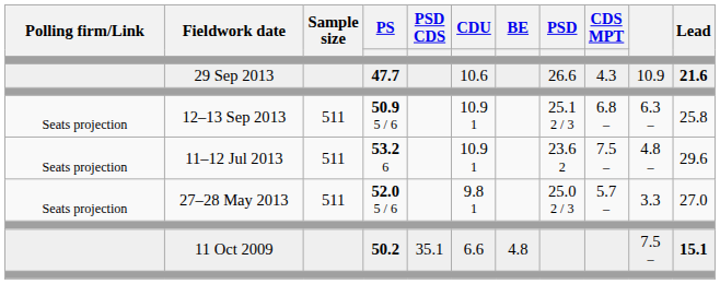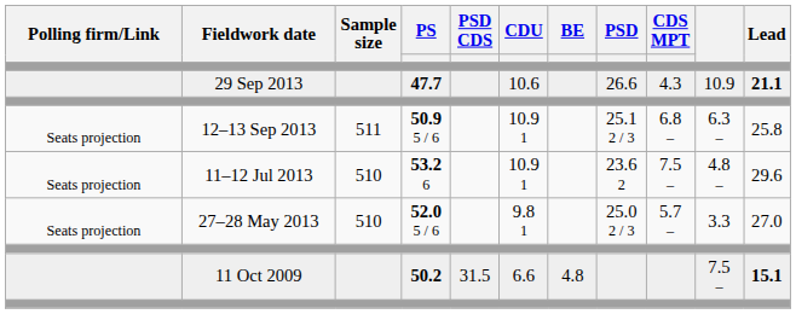 <table class="wikitable collapsible sortable" style="text-align:center; font-size:95%; line-height:16px;">
 <tr style="height:42px;">
 <th style="width:145px;" rowspan="2">Polling firm/Link</th>
 <th style="width:125px;" rowspan="2">Fieldwork date</th>
 <th class="unsortable" style="width:50px;" rowspan="2">Sample size</th>
 <th class="unsortable" style="width:35px;"><a href='#'>PS</a></th>
 <th class="unsortable" style="width:35px;"><a href='#'>PSD</a><br><a href='#'>CDS</a></th>
 <th class="unsortable" style="width:35px;"><a href='#'>CDU</a></th>
 <th class="unsortable" style="width:35px;"><a href='#'>BE</a></th>
 <th class="unsortable" style="width:35px;"><a href='#'>PSD</a></th>
 <th class="unsortable" style="width:35px;"><a href='#'>CDS</a><br><a href='#'>MPT</a></th>
 <th class="unsortable" style="width:35px;" rowspan="2"></th>
 <th class="unsortable" style="width:30px;" rowspan="2">Lead</th>
 </tr>
 <tr>
 <th class="unsortable" style="color:inherit;background:"></th>
 <th class="unsortable" style="color:inherit;background:"></th>
 <th class="unsortable" style="color:inherit;background:"></th>
 <th class="unsortable" style="color:inherit;background:"></th>
 <th class="unsortable" style="color:inherit;background:"></th>
 <th class="unsortable" style="color:inherit;background:"></th>
 </tr>
 <tr>
 <td colspan="13" style="background:#A0A0A0"></td>
 </tr>
 <tr style="background:#EFEFEF;">
 <td><strong></strong></td>
 <td data-sort-value="2019-10-06">29 Sep 2013</td>
 <td></td>
 <td><strong>47.7</strong><br></td>
 <td></td>
 <td>10.6<br></td>
 <td></td>
 <td>26.6<br></td>
 <td>4.3<br></td>
 <td>10.9<br></td>
-<td style="background:"><strong>21.6</strong></td>
+<td style="background:"><strong>21.1</strong></td>
 </tr>
 <tr>
 <td colspan="13" style="background:#A0A0A0"></td>
 </tr>
 <tr>
 <td align="center"><br><small>Seats projection</small></td>
 <td align="center">12–13 Sep 2013</td>
 <td>511</td>
 <td align="center" ><strong>50.9</strong><br><small>5 / 6 </small></td>
 <td></td>
 <td align="center">10.9<br><small>1 </small></td>
 <td></td>
 <td align="center">25.1<br><small>2 / 3 </small></td>
 <td align="center">6.8<br><small> –  </small></td>
 <td align="center">6.3<br><small> – </small></td>
 <td style="background:">25.8</td>
 </tr>
 <tr>
 <td align="center"><br><small>Seats projection</small></td>
 <td align="center">11–12 Jul 2013</td>
-<td>511</td>
+<td>510</td>
 <td align="center" ><strong>53.2</strong><br><small>6 </small></td>
 <td></td>
 <td align="center">10.9<br><small>1 </small></td>
 <td></td>
 <td align="center">23.6<br><small>2 </small></td>
 <td align="center">7.5<br><small> –  </small></td>
 <td align="center">4.8<br><small> – </small></td>
 <td style="background:">29.6</td>
 </tr>
 <tr>
 <td align="center"><br><small>Seats projection</small></td>
 <td align="center">27–28 May 2013</td>
-<td>511</td>
+<td>510</td>
 <td align="center" ><strong>52.0</strong><br><small>5 / 6 </small></td>
 <td></td>
 <td align="center">9.8<br><small>1 </small></td>
 <td></td>
 <td align="center">25.0<br><small>2 / 3 </small></td>
 <td align="center">5.7<br><small> –  </small></td>
 <td>3.3<br></td>
 <td style="background:">27.0</td>
 </tr>
 <tr>
 <td colspan="13" style="background:#A0A0A0"></td>
 </tr>
 <tr style="background:#EFEFEF;">
 <td><strong></strong></td>
 <td data-sort-value="2019-10-06">11 Oct 2009</td>
 <td></td>
 <td><strong>50.2</strong><br></td>
-<td>35.1<br></td>
+<td>31.5<br></td>
 <td>6.6<br></td>
 <td>4.8<br></td>
 <td></td>
 <td></td>
 <td align="center">7.5<br><small> – </small></td>
 <td style="background:"><strong>15.1</strong></td>
 </tr>
 <tr>
 <td colspan="13" style="background:#A0A0A0"></td>
 </tr>
 <tr>
 </tr>
 </table>
